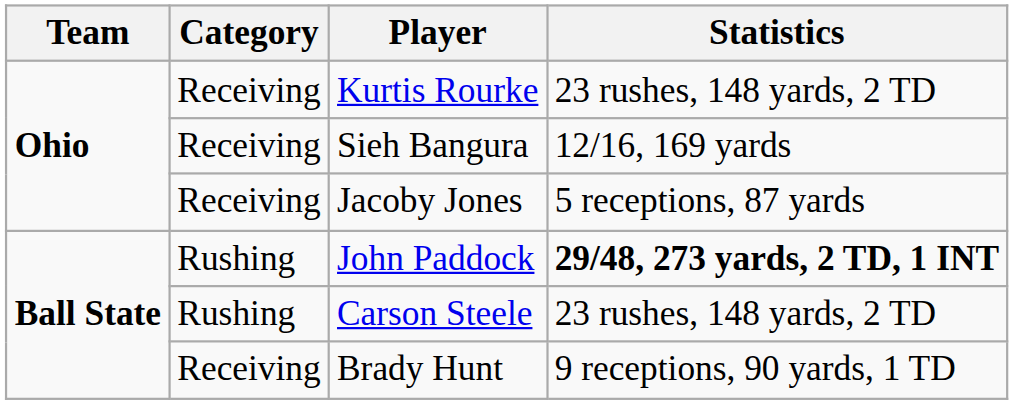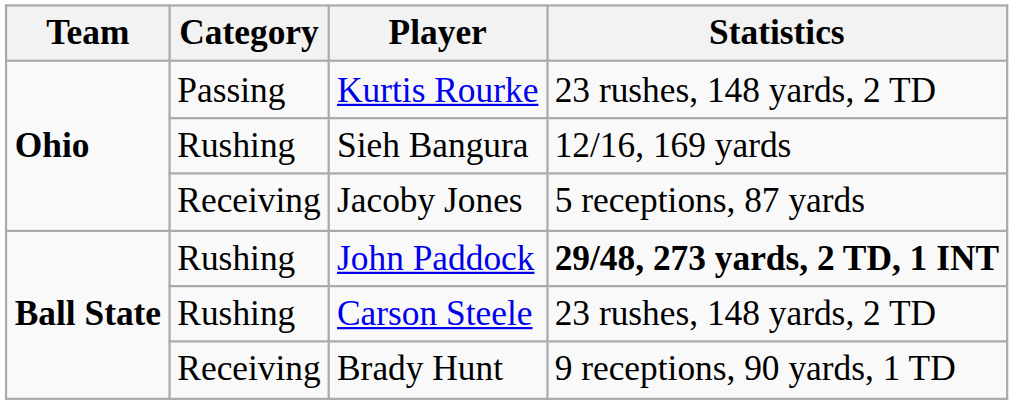 <table class="wikitable" style="float: right;">
 <tr>
 <th>Team</th>
 <th>Category</th>
 <th>Player</th>
 <th>Statistics</th>
 </tr>
 <tr>
 <td rowspan=3><strong>Ohio</strong></td>
-<td>Receiving</td>
+<td>Passing</td>
 <td><a href='#'>Kurtis Rourke</a></td>
 <td>23 rushes, 148 yards, 2 TD</td>
 </tr>
 <tr>
-<td>Receiving</td>
+<td>Rushing</td>
 <td>Sieh Bangura</td>
 <td>12/16, 169 yards</td>
 </tr>
 <tr>
 <td>Receiving</td>
 <td>Jacoby Jones</td>
 <td>5 receptions, 87 yards</td>
 </tr>
 <tr>
 <td rowspan=3><strong>Ball State</strong></td>
 <td>Rushing</td>
 <td><a href='#'>John Paddock</a></td>
 <td><strong>29/48, 273 yards, 2 TD, 1 INT</strong></td>
 </tr>
 <tr>
 <td>Rushing</td>
 <td><a href='#'>Carson Steele</a></td>
 <td>23 rushes, 148 yards, 2 TD</td>
 </tr>
 <tr>
 <td>Receiving</td>
 <td>Brady Hunt</td>
 <td>9 receptions, 90 yards, 1 TD</td>
 </tr>
 </table>
